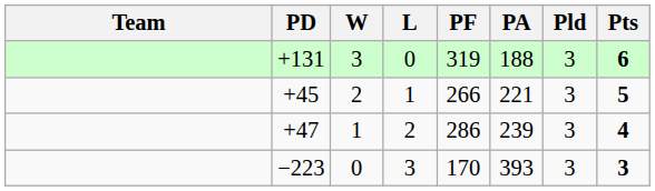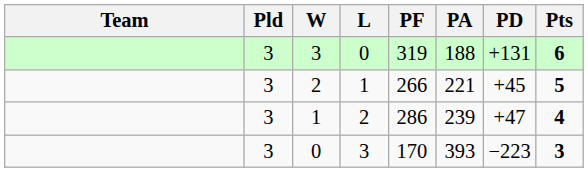 <table class="wikitable" style="text-align:center;">
 <tr>
 <th width=180>Team</th>
-<th width=30>PD</th>
+<th width=30>Pld</th>
 <th width=30>W</th>
 <th width=30>L</th>
 <th width=30>PF</th>
 <th width=30>PA</th>
-<th width=30>Pld</th>
+<th width=30>PD</th>
 <th width=30>Pts</th>
 </tr>
 <tr bgcolor="#ccffcc">
 <td align="left"></td>
-<td>+131</td>
+<td>3</td>
 <td>3</td>
 <td>0</td>
 <td>319</td>
 <td>188</td>
-<td>3</td>
+<td>+131</td>
 <td><strong>6</strong></td>
 </tr>
 <tr>
 <td align="left"></td>
-<td>+45</td>
+<td>3</td>
 <td>2</td>
 <td>1</td>
 <td>266</td>
 <td>221</td>
-<td>3</td>
+<td>+45</td>
 <td><strong>5</strong></td>
 </tr>
 <tr>
 <td align="left"></td>
-<td>+47</td>
+<td>3</td>
 <td>1</td>
 <td>2</td>
 <td>286</td>
 <td>239</td>
-<td>3</td>
+<td>+47</td>
 <td><strong>4</strong></td>
 </tr>
 <tr>
 <td align="left"></td>
-<td>−223</td>
+<td>3</td>
 <td>0</td>
 <td>3</td>
 <td>170</td>
 <td>393</td>
-<td>3</td>
+<td>−223</td>
 <td><strong>3</strong></td>
 </tr>
 </table>
